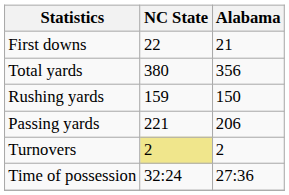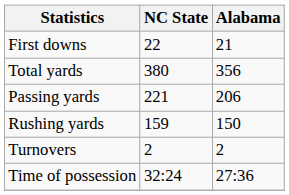 <table class="wikitable" style="float: left;">
 <tr>
 <th>Statistics</th>
 <th>NC State</th>
 <th>Alabama</th>
 </tr>
 <tr>
 <td>First downs</td>
 <td>22</td>
 <td>21</td>
 </tr>
 <tr>
 <td>Total yards</td>
 <td>380</td>
 <td>356</td>
 </tr>
 <tr>
+<td>Passing yards</td>
+<td>221</td>
+<td>206</td>
+</tr>
+<tr>
 <td>Rushing yards</td>
 <td>159</td>
 <td>150</td>
 </tr>
 <tr>
-<td>Passing yards</td>
-<td>221</td>
-<td>206</td>
-</tr>
-<tr>
 <td>Turnovers</td>
-<td style="background: khaki;">2</td>
+<td>2</td>
 <td>2</td>
 </tr>
 <tr>
 <td>Time of possession</td>
 <td>32:24</td>
 <td>27:36</td>
 </tr>
 <tr>
 </tr>
 </table>
